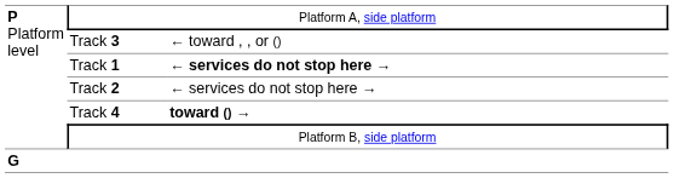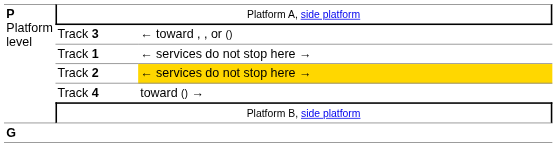 <table border=0 cellspacing=0 cellpadding=3>
 <tr>
 <td style="border-top:solid 1px gray;border-bottom:solid 1px gray;" width=50 rowspan=6 valign=top><strong>P</strong><br>Platform level</td>
 <td style="border-top:solid 1px gray;border-right:solid 2px black;border-left:solid 2px black;border-bottom:solid 2px black;text-align:center;" colspan=2><small>Platform A, <a href='#'>side platform</a></small> </td>
 </tr>
 <tr>
 <td style="border-bottom:solid 1px gray;" width=100>Track <strong>3</strong></td>
 <td style="border-bottom:solid 1px gray;" width=525>←  toward , , or  <small>()</small></td>
 </tr>
 <tr>
 <td style="border-bottom:solid 1px gray;">Track <strong>1</strong></td>
-<td style="border-bottom:solid 1px gray;"><strong>←  services do not stop here →</strong></td>
+<td style="border-bottom:solid 1px gray;">←  services do not stop here →</td>
 </tr>
 <tr>
 <td style="border-bottom:solid 1px gray;">Track <strong>2</strong></td>
-<td style="border-bottom:solid 1px gray;">←  services do not stop here →</td>
+<td style="background: gold; border-bottom:solid 1px gray;">←  services do not stop here →</td>
 </tr>
 <tr>
 <td>Track <strong>4</strong></td>
-<td><strong>  toward  <small>()</small> →</strong></td>
+<td>  toward  <small>()</small> →</td>
 </tr>
 <tr>
 <td style="border-bottom:solid 1px gray;border-top:solid 2px black;border-right:solid 2px black;border-left:solid 2px black;text-align:center;" colspan=2><small>Platform B, <a href='#'>side platform</a></small> </td>
 </tr>
 <tr>
 <td colspan="3" style="border-bottom:solid 1px gray;"><strong>G</strong></td>
 </tr>
 </table>
